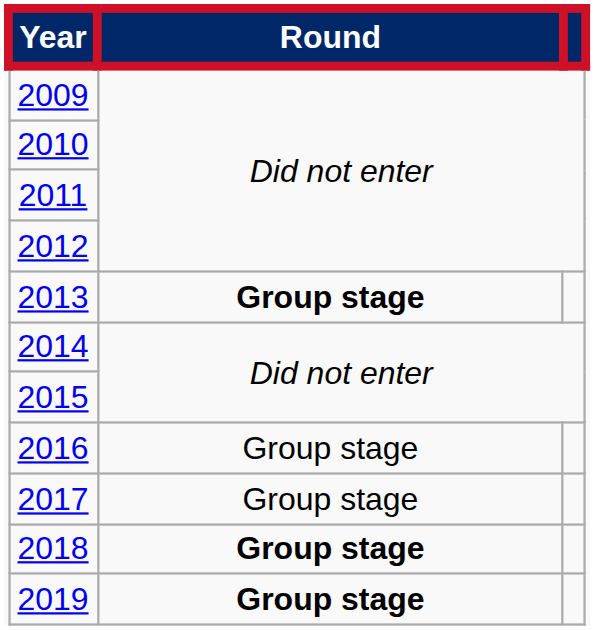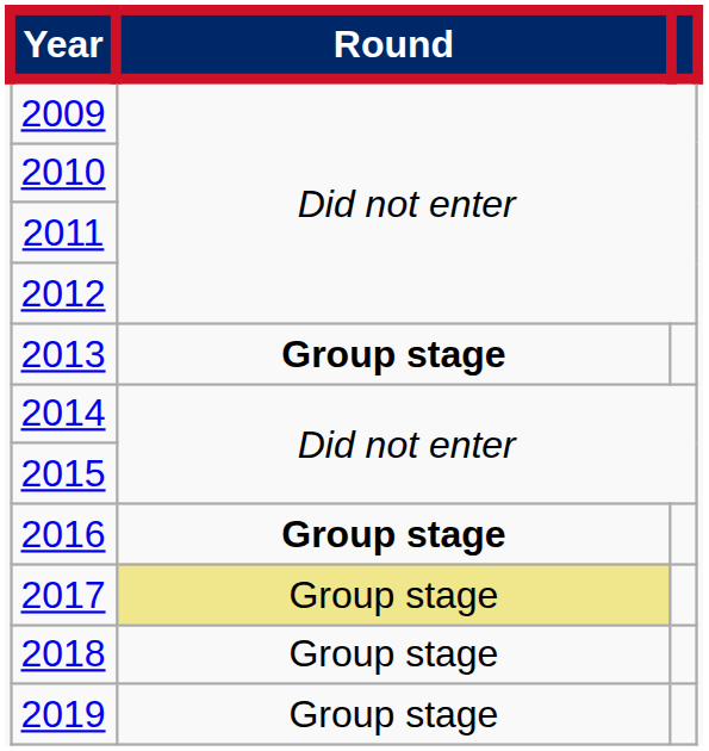 <table class="wikitable" style="text-align: center; font-size:90%">
 <tr style="color:white;">
 <th style="background:#002868; border: 4px solid #CE1126; ">Year</th>
 <th style="background:#002868; border: 4px solid #CE1126; width:200px">Round</th>
 <th style="background:#002868; border: 4px solid #CE1126;"></th>
 </tr>
 <tr>
 <td><a href='#'>2009</a></td>
 <td colspan="2" rowspan="4"><em>Did not enter</em></td>
 </tr>
 <tr>
 <td><a href='#'>2010</a></td>
 </tr>
 <tr>
 <td><a href='#'>2011</a></td>
 </tr>
 <tr>
 <td><a href='#'>2012</a></td>
 </tr>
 <tr>
 <td><a href='#'>2013</a></td>
 <td><strong>Group stage</strong></td>
 <td></td>
 </tr>
 <tr>
 <td><a href='#'>2014</a></td>
 <td colspan="2" rowspan="2"><em>Did not enter</em></td>
 </tr>
 <tr>
 <td><a href='#'>2015</a></td>
 </tr>
 <tr>
 <td><a href='#'>2016</a></td>
+<td><strong>Group stage</strong></td>
+<td></td>
+</tr>
+<tr>
+<td><a href='#'>2017</a></td>
+<td style="background: khaki;">Group stage</td>
+<td></td>
+</tr>
+<tr>
+<td><a href='#'>2018</a></td>
 <td>Group stage</td>
 <td></td>
 </tr>
 <tr>
-<td><a href='#'>2017</a></td>
+<td><a href='#'>2019</a></td>
 <td>Group stage</td>
 <td></td>
 </tr>
-<tr>
-<td><a href='#'>2018</a></td>
-<td><strong>Group stage</strong></td>
-<td></td>
-</tr>
-<tr>
-<td><a href='#'>2019</a></td>
-<td><strong>Group stage</strong></td>
-<td></td>
-</tr>
 </table>
